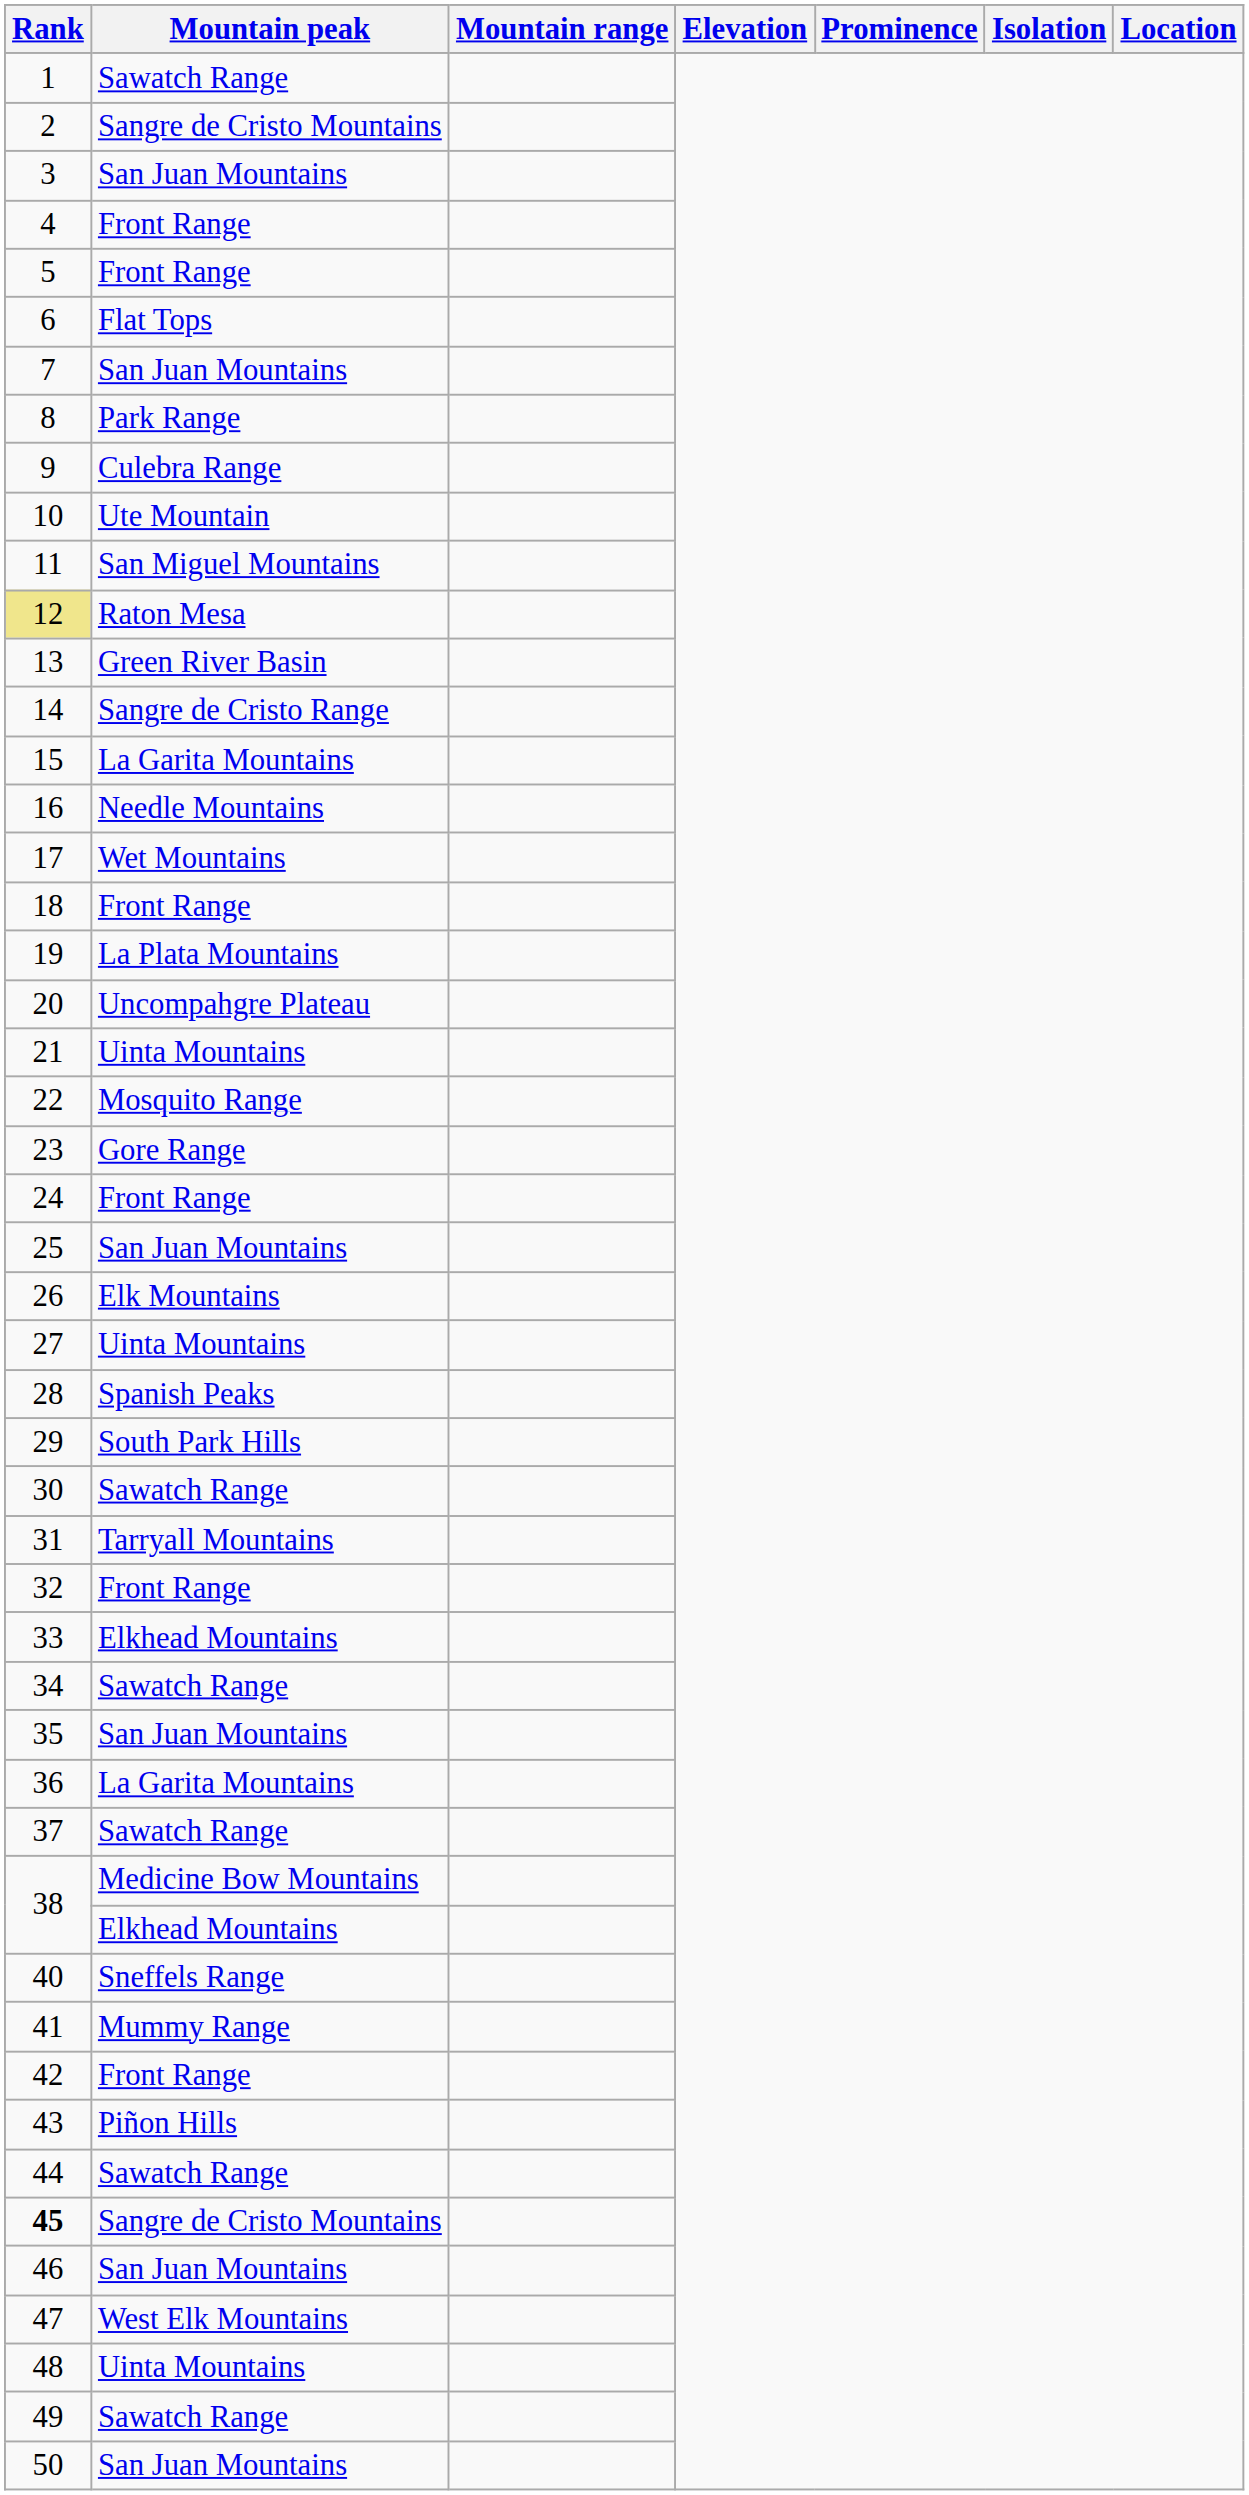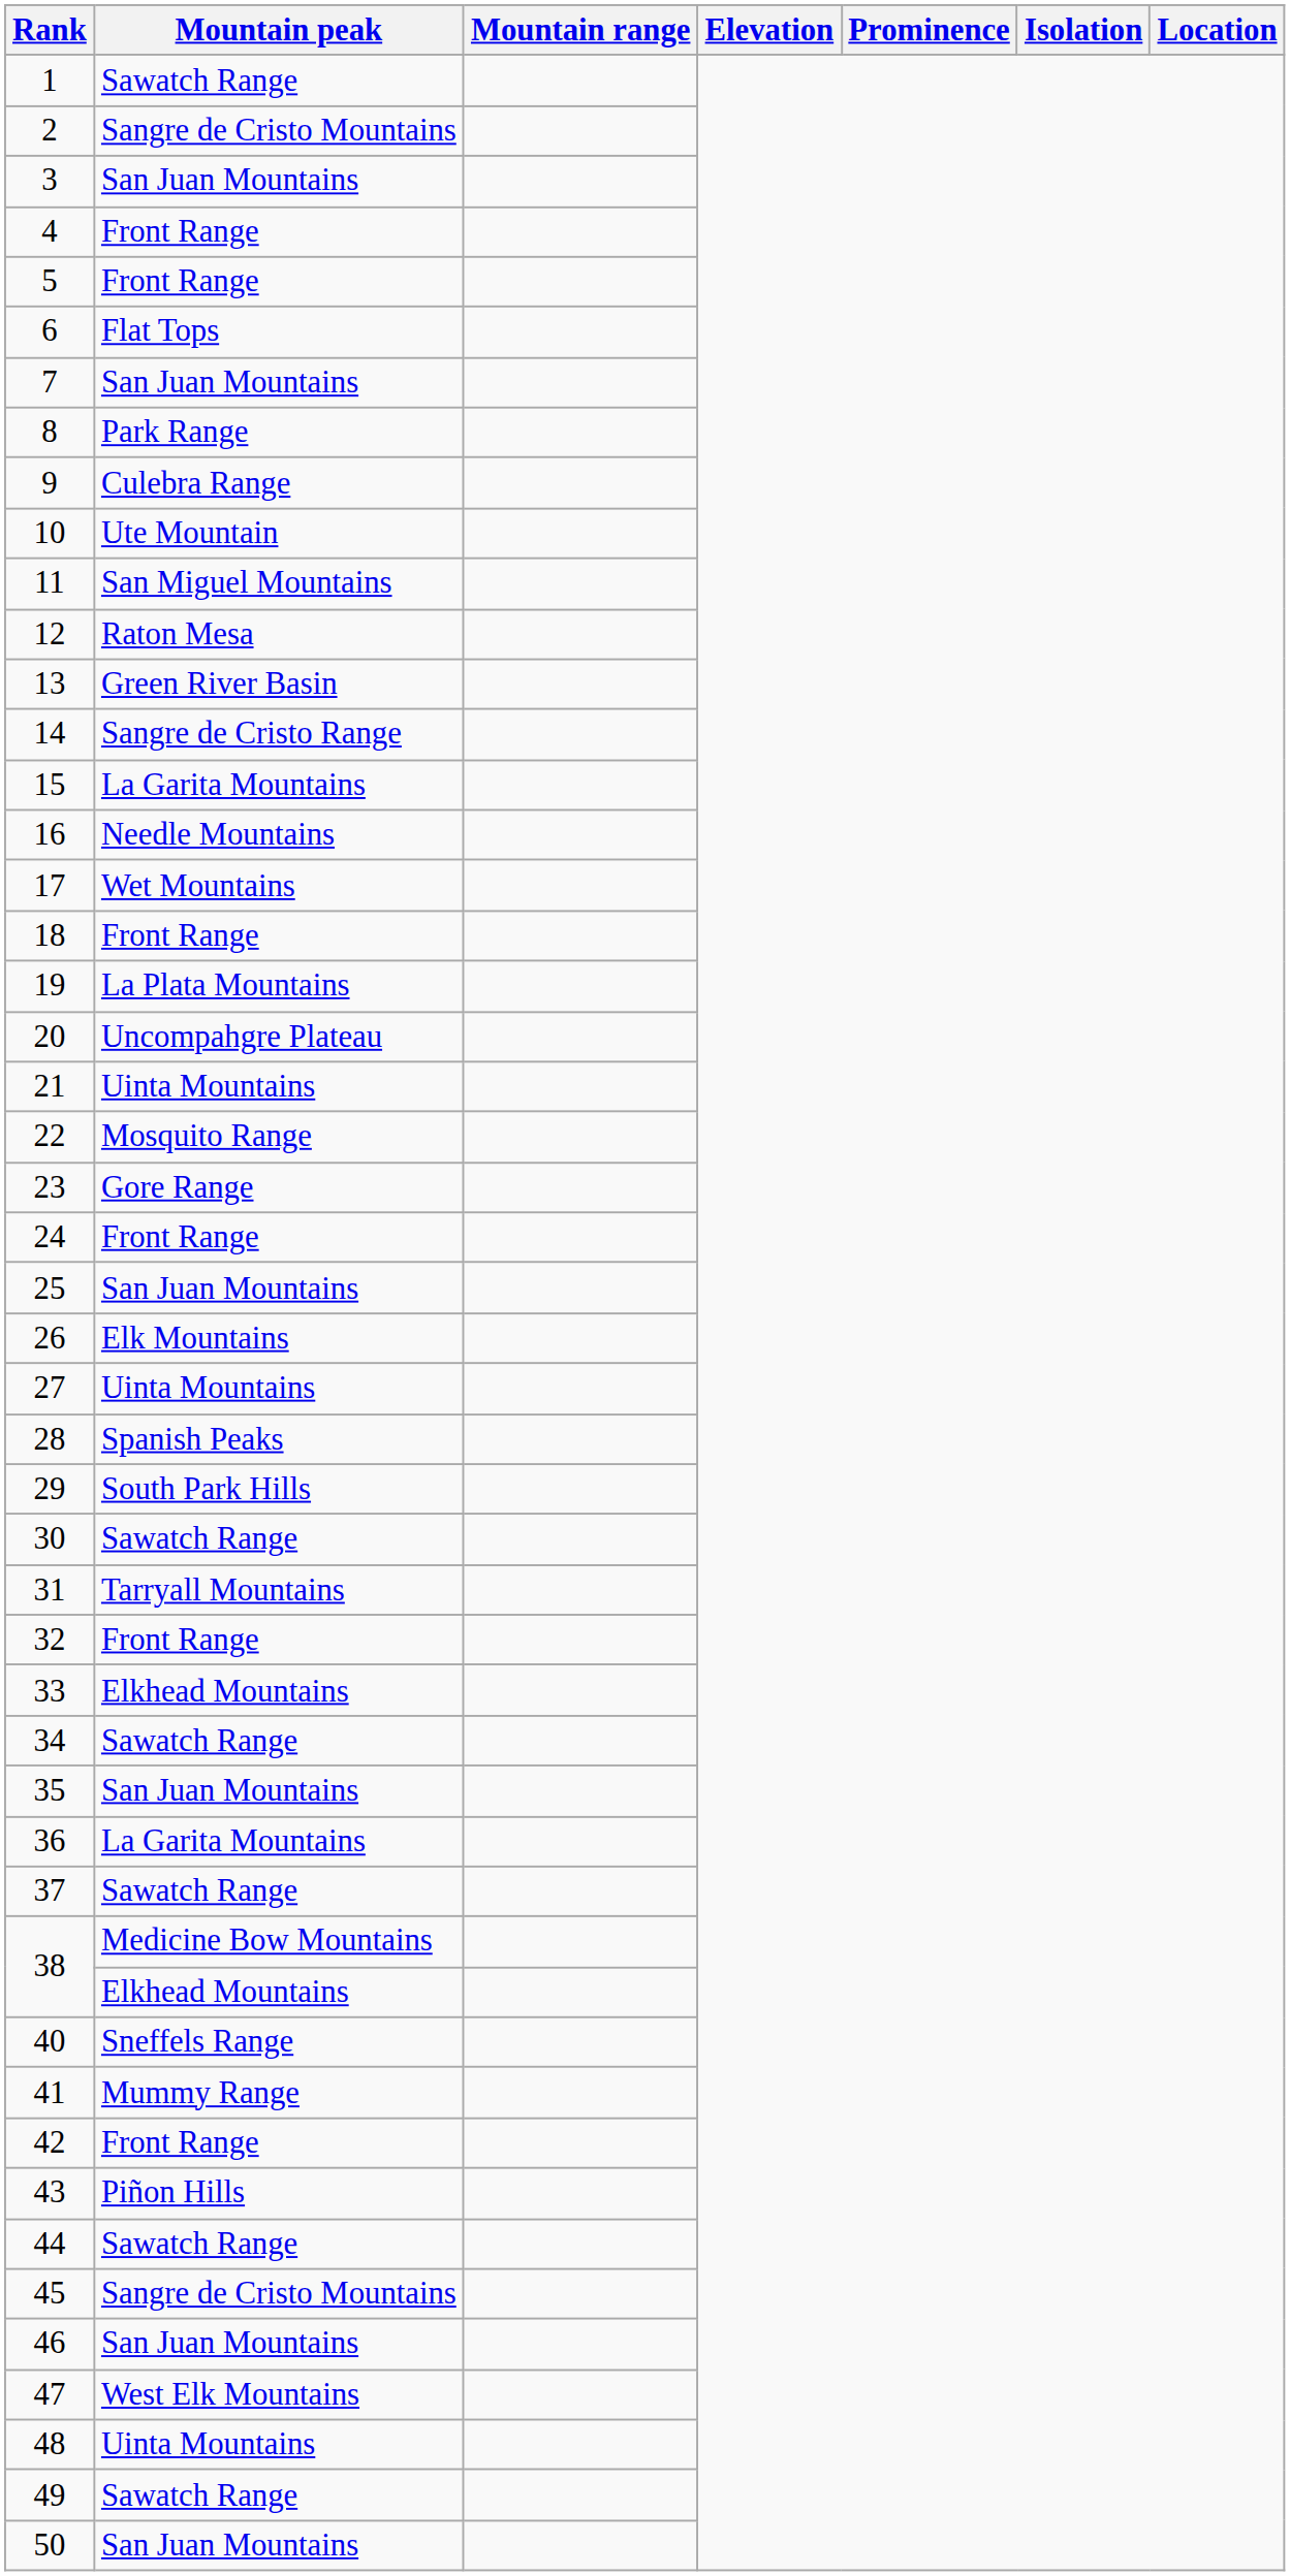 <table class="wikitable sortable">
 <tr>
 <th><a href='#'>Rank</a></th>
 <th><a href='#'>Mountain peak</a></th>
 <th><a href='#'>Mountain range</a></th>
 <th><a href='#'>Elevation</a></th>
 <th><a href='#'>Prominence</a></th>
 <th><a href='#'>Isolation</a></th>
 <th><a href='#'>Location</a></th>
 </tr>
 <tr>
 <td align=center>1<br></td>
 <td><a href='#'>Sawatch Range</a><br></td>
 <td></td>
 </tr>
 <tr>
 <td align=center>2<br></td>
 <td><a href='#'>Sangre de Cristo Mountains</a><br></td>
 <td></td>
 </tr>
 <tr>
 <td align=center>3<br></td>
 <td><a href='#'>San Juan Mountains</a><br></td>
 <td></td>
 </tr>
 <tr>
 <td align=center>4<br></td>
 <td><a href='#'>Front Range</a><br></td>
 <td></td>
 </tr>
 <tr>
 <td align=center>5<br></td>
 <td><a href='#'>Front Range</a><br></td>
 <td></td>
 </tr>
 <tr>
 <td align=center>6<br></td>
 <td><a href='#'>Flat Tops</a><br></td>
 <td></td>
 </tr>
 <tr>
 <td align=center>7<br></td>
 <td><a href='#'>San Juan Mountains</a><br></td>
 <td></td>
 </tr>
 <tr>
 <td align=center>8<br></td>
 <td><a href='#'>Park Range</a><br></td>
 <td></td>
 </tr>
 <tr>
 <td align=center>9<br></td>
 <td><a href='#'>Culebra Range</a><br></td>
 <td></td>
 </tr>
 <tr>
 <td align=center>10<br></td>
 <td><a href='#'>Ute Mountain</a><br></td>
 <td></td>
 </tr>
 <tr>
 <td align=center>11<br></td>
 <td><a href='#'>San Miguel Mountains</a><br></td>
 <td></td>
 </tr>
 <tr>
-<td align=center style="background: khaki;">12<br></td>
+<td align=center>12<br></td>
 <td><a href='#'>Raton Mesa</a><br></td>
 <td></td>
 </tr>
 <tr>
 <td align=center>13<br></td>
 <td><a href='#'>Green River Basin</a><br></td>
 <td></td>
 </tr>
 <tr>
 <td align=center>14<br></td>
 <td><a href='#'>Sangre de Cristo Range</a><br></td>
 <td></td>
 </tr>
 <tr>
 <td align=center>15<br></td>
 <td><a href='#'>La Garita Mountains</a><br></td>
 <td></td>
 </tr>
 <tr>
 <td align=center>16<br></td>
 <td><a href='#'>Needle Mountains</a><br></td>
 <td></td>
 </tr>
 <tr>
 <td align=center>17<br></td>
 <td><a href='#'>Wet Mountains</a><br></td>
 <td></td>
 </tr>
 <tr>
 <td align=center>18<br></td>
 <td><a href='#'>Front Range</a><br></td>
 <td></td>
 </tr>
 <tr>
 <td align=center>19<br></td>
 <td><a href='#'>La Plata Mountains</a><br></td>
 <td></td>
 </tr>
 <tr>
 <td align=center>20<br></td>
 <td><a href='#'>Uncompahgre Plateau</a><br></td>
 <td></td>
 </tr>
 <tr>
 <td align=center>21<br></td>
 <td><a href='#'>Uinta Mountains</a><br></td>
 <td></td>
 </tr>
 <tr>
 <td align=center>22<br></td>
 <td><a href='#'>Mosquito Range</a><br></td>
 <td></td>
 </tr>
 <tr>
 <td align=center>23<br></td>
 <td><a href='#'>Gore Range</a><br></td>
 <td></td>
 </tr>
 <tr>
 <td align=center>24<br></td>
 <td><a href='#'>Front Range</a><br></td>
 <td></td>
 </tr>
 <tr>
 <td align=center>25<br></td>
 <td><a href='#'>San Juan Mountains</a><br></td>
 <td></td>
 </tr>
 <tr>
 <td align=center>26<br></td>
 <td><a href='#'>Elk Mountains</a><br></td>
 <td></td>
 </tr>
 <tr>
 <td align=center>27<br></td>
 <td><a href='#'>Uinta Mountains</a><br></td>
 <td></td>
 </tr>
 <tr>
 <td align=center>28<br></td>
 <td><a href='#'>Spanish Peaks</a><br></td>
 <td></td>
 </tr>
 <tr>
 <td align=center>29<br></td>
 <td><a href='#'>South Park Hills</a><br></td>
 <td></td>
 </tr>
 <tr>
 <td align=center>30<br></td>
 <td><a href='#'>Sawatch Range</a><br></td>
 <td></td>
 </tr>
 <tr>
 <td align=center>31<br></td>
 <td><a href='#'>Tarryall Mountains</a><br></td>
 <td></td>
 </tr>
 <tr>
 <td align=center>32<br></td>
 <td><a href='#'>Front Range</a><br></td>
 <td></td>
 </tr>
 <tr>
 <td align=center>33<br></td>
 <td><a href='#'>Elkhead Mountains</a><br></td>
 <td></td>
 </tr>
 <tr>
 <td align=center>34<br></td>
 <td><a href='#'>Sawatch Range</a><br></td>
 <td></td>
 </tr>
 <tr>
 <td align=center>35<br></td>
 <td><a href='#'>San Juan Mountains</a><br></td>
 <td></td>
 </tr>
 <tr>
 <td align=center>36<br></td>
 <td><a href='#'>La Garita Mountains</a><br></td>
 <td></td>
 </tr>
 <tr>
 <td align=center>37<br></td>
 <td><a href='#'>Sawatch Range</a><br></td>
 <td></td>
 </tr>
 <tr>
 <td align=center rowspan=2>38<br></td>
 <td><a href='#'>Medicine Bow Mountains</a><br></td>
 <td></td>
 </tr>
 <tr>
 <td><a href='#'>Elkhead Mountains</a><br></td>
 <td></td>
 </tr>
 <tr>
 <td align=center>40<br></td>
 <td><a href='#'>Sneffels Range</a><br></td>
 <td></td>
 </tr>
 <tr>
 <td align=center>41<br></td>
 <td><a href='#'>Mummy Range</a><br></td>
 <td></td>
 </tr>
 <tr>
 <td align=center>42<br></td>
 <td><a href='#'>Front Range</a><br></td>
 <td></td>
 </tr>
 <tr>
 <td align=center>43<br></td>
 <td><a href='#'>Piñon Hills</a><br></td>
 <td></td>
 </tr>
 <tr>
 <td align=center>44<br></td>
 <td><a href='#'>Sawatch Range</a><br></td>
 <td></td>
 </tr>
 <tr>
-<td align=center><strong>45<br></strong></td>
+<td align=center>45<br></td>
 <td><a href='#'>Sangre de Cristo Mountains</a><br></td>
 <td></td>
 </tr>
 <tr>
 <td align=center>46<br></td>
 <td><a href='#'>San Juan Mountains</a><br></td>
 <td></td>
 </tr>
 <tr>
 <td align=center>47<br></td>
 <td><a href='#'>West Elk Mountains</a><br></td>
 <td></td>
 </tr>
 <tr>
 <td align=center>48<br></td>
 <td><a href='#'>Uinta Mountains</a><br></td>
 <td></td>
 </tr>
 <tr>
 <td align=center>49<br></td>
 <td><a href='#'>Sawatch Range</a><br></td>
 <td></td>
 </tr>
 <tr>
 <td align=center>50<br></td>
 <td><a href='#'>San Juan Mountains</a><br></td>
 <td></td>
 </tr>
 </table>
